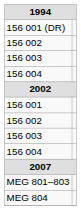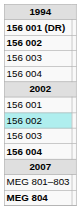 <table class="wikitable float-right">
 <tr>
 <th colspan="2" style="background:#DFDFDF;">1994</th>
 </tr>
 <tr>
-<td>156 001 (DR)</td>
+<td><strong>156 001 (DR)</strong></td>
 <td></td>
 </tr>
 <tr>
-<td>156 002</td>
+<td><strong>156 002</strong></td>
 <td></td>
 </tr>
 <tr>
 <td>156 003</td>
 <td></td>
 </tr>
 <tr>
 <td>156 004</td>
 <td></td>
 </tr>
 <tr>
 <th colspan="2" style="background:#DFDFDF;">2002</th>
 </tr>
 <tr>
 <td>156 001</td>
 <td></td>
 </tr>
 <tr>
-<td>156 002</td>
+<td style="background: paleturquoise;">156 002</td>
 <td></td>
 </tr>
 <tr>
 <td>156 003</td>
 <td></td>
 </tr>
 <tr>
-<td>156 004</td>
+<td><strong>156 004</strong></td>
 <td></td>
 </tr>
 <tr>
 <th colspan="2" style="background:#DFDFDF;">2007</th>
 </tr>
 <tr>
 <td>MEG 801–803</td>
 <td></td>
 </tr>
 <tr>
-<td>MEG 804</td>
+<td><strong>MEG 804</strong></td>
 <td></td>
 </tr>
 <tr>
 </tr>
 </table>
